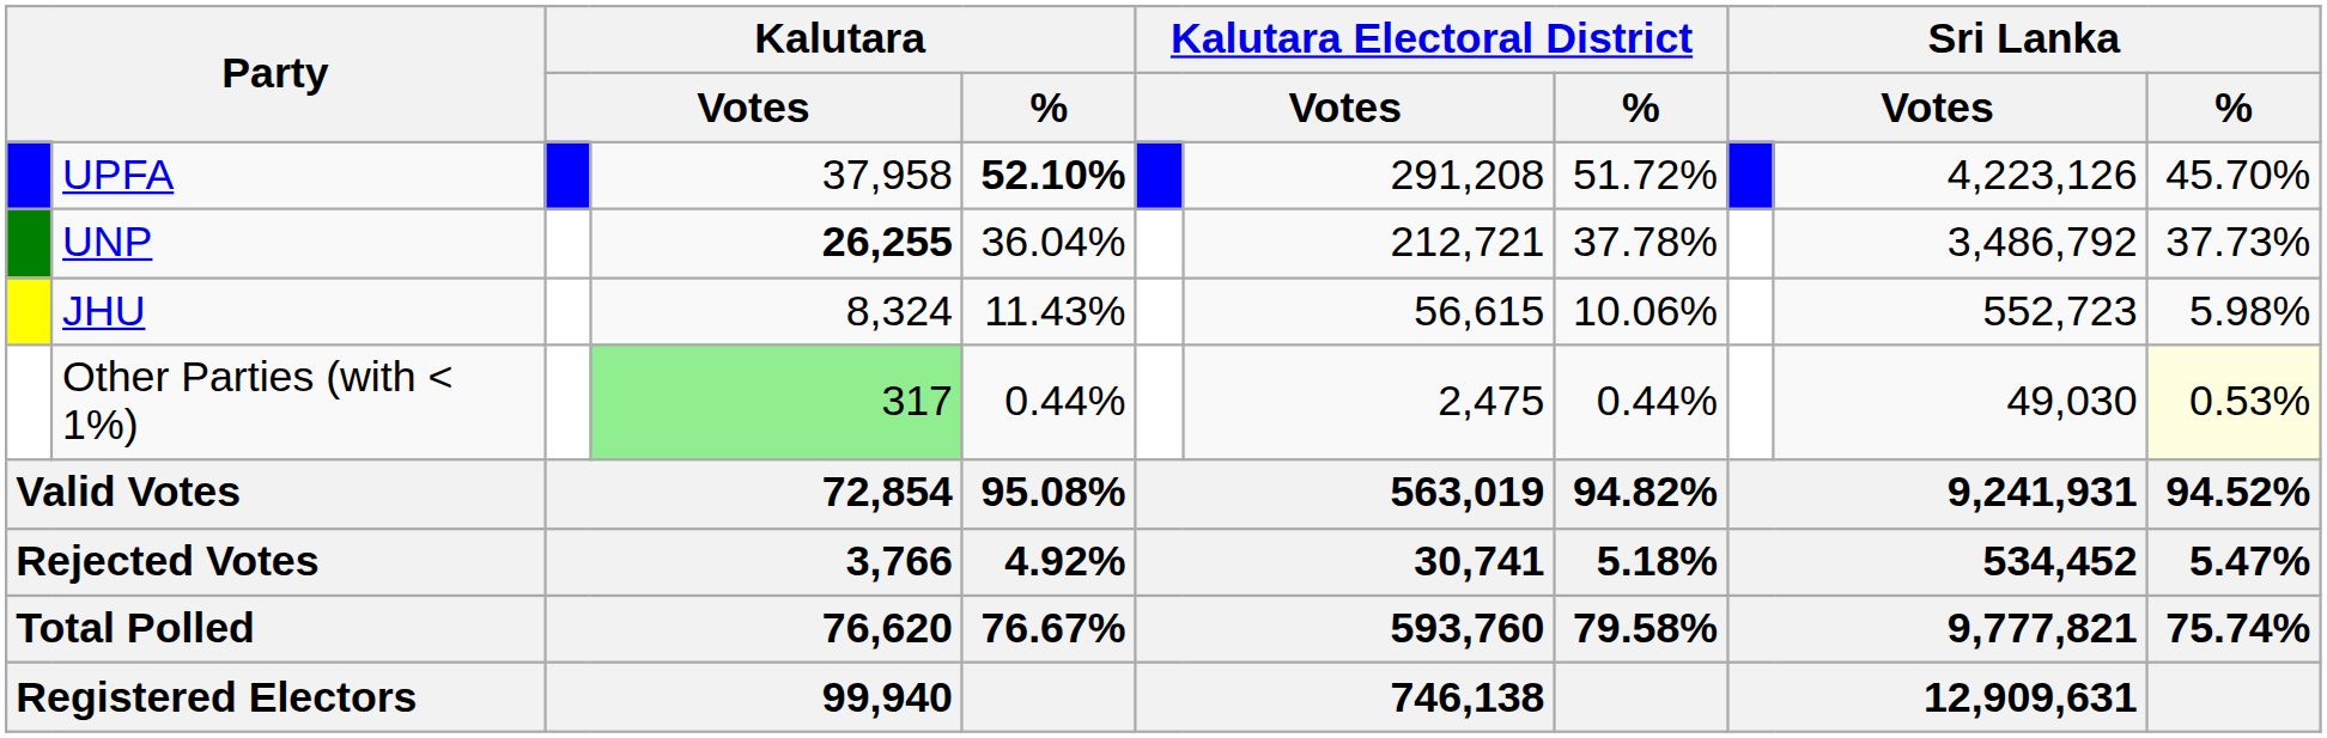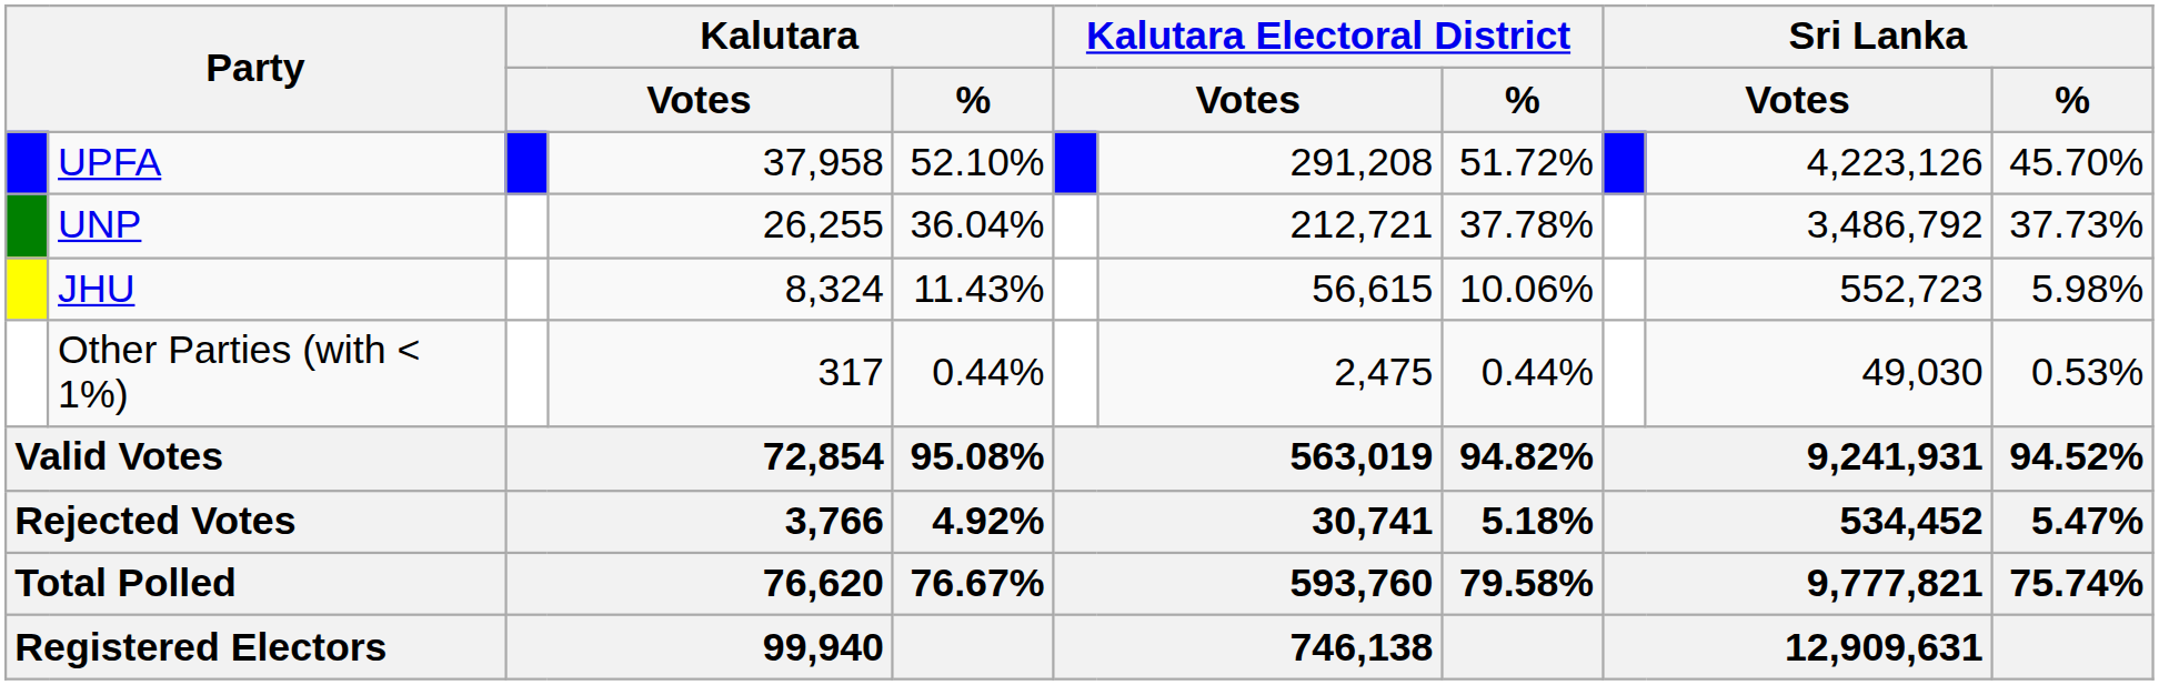 <table class="wikitable">
 <tr>
 <th colspan="2" width="144px"rowspan="2">Party</th>
 <th colspan="3" width="216px">Kalutara</th>
 <th colspan="3" width="216px"><a href='#'>Kalutara Electoral District</a></th>
 <th colspan="3" width="216px">Sri Lanka</th>
 </tr>
 <tr>
 <th colspan="2" width="144px">Votes</th>
 <th>%</th>
 <th colspan="2" width="144px">Votes</th>
 <th>%</th>
 <th colspan="2" width="144px">Votes</th>
 <th>%</th>
 </tr>
 <tr>
 <td style="background-color:blue;" width="10px"></td>
 <td style="text-align:left;"><a href='#'>UPFA</a></td>
 <td style="background-color:blue;" width="10px"></td>
 <td style="text-align:right;">37,958</td>
-<td style="text-align:right;"><strong>52.10%</strong></td>
+<td style="text-align:right;">52.10%</td>
 <td style="background-color:blue;" width="10px"></td>
 <td style="text-align:right;">291,208</td>
 <td style="text-align:right;">51.72%</td>
 <td style="background-color:blue;" width="10px"></td>
 <td style="text-align:right;">4,223,126</td>
 <td style="text-align:right;">45.70%</td>
 </tr>
 <tr>
 <td style="background-color:green;" width="10px"></td>
 <td style="text-align:left;"><a href='#'>UNP</a></td>
 <td style="background-color:white;" width="10px"></td>
-<td style="text-align:right;"><strong>26,255</strong></td>
+<td style="text-align:right;">26,255</td>
 <td style="text-align:right;">36.04%</td>
 <td style="background-color:white;" width="10px"></td>
 <td style="text-align:right;">212,721</td>
 <td style="text-align:right;">37.78%</td>
 <td style="background-color:white;" width="10px"></td>
 <td style="text-align:right;">3,486,792</td>
 <td style="text-align:right;">37.73%</td>
 </tr>
 <tr>
 <td style="background-color:yellow;" width="10px"></td>
 <td style="text-align:left;"><a href='#'>JHU</a></td>
 <td style="background-color:white;" width="10px"></td>
 <td style="text-align:right;">8,324</td>
 <td style="text-align:right;">11.43%</td>
 <td style="background-color:white;" width="10px"></td>
 <td style="text-align:right;">56,615</td>
 <td style="text-align:right;">10.06%</td>
 <td style="background-color:white;" width="10px"></td>
 <td style="text-align:right;">552,723</td>
 <td style="text-align:right;">5.98%</td>
 </tr>
 <tr>
 <td style="background-color:white;" width="10px"></td>
 <td style="text-align:left;">Other Parties (with < 1%)</td>
 <td style="background-color:white;" width="10px"></td>
-<td style="background: lightgreen; text-align:right;">317</td>
+<td style="text-align:right;">317</td>
 <td style="text-align:right;">0.44%</td>
 <td style="background-color:white;" width="10px"></td>
 <td style="text-align:right;">2,475</td>
 <td style="text-align:right;">0.44%</td>
 <td style="background-color:white;" width="10px"></td>
 <td style="text-align:right;">49,030</td>
-<td style="background: lightyellow; text-align:right;">0.53%</td>
+<td style="text-align:right;">0.53%</td>
 </tr>
 <tr>
 <th colspan="2" width="144px"style="text-align:left;">Valid Votes</th>
 <th style="text-align:right;"colspan="2" width="144px">72,854</th>
 <th style="text-align:right;">95.08%</th>
 <th style="text-align:right;"colspan="2" width="144px">563,019</th>
 <th style="text-align:right;">94.82%</th>
 <th style="text-align:right;"colspan="2" width="144px">9,241,931</th>
 <th style="text-align:right;">94.52%</th>
 </tr>
 <tr>
 <th colspan="2" width="144px"style="text-align:left;">Rejected Votes</th>
 <th style="text-align:right;"colspan="2" width="144px">3,766</th>
 <th style="text-align:right;">4.92%</th>
 <th style="text-align:right;"colspan="2" width="144px">30,741</th>
 <th style="text-align:right;">5.18%</th>
 <th style="text-align:right;"colspan="2" width="144px">534,452</th>
 <th style="text-align:right;">5.47%</th>
 </tr>
 <tr>
 <th colspan="2" width="144px"style="text-align:left;">Total Polled</th>
 <th style="text-align:right;"colspan="2" width="144px">76,620</th>
 <th style="text-align:right;">76.67%</th>
 <th style="text-align:right;"colspan="2" width="144px">593,760</th>
 <th style="text-align:right;">79.58%</th>
 <th style="text-align:right;"colspan="2" width="144px">9,777,821</th>
 <th style="text-align:right;">75.74%</th>
 </tr>
 <tr>
 <th colspan="2" width="144px"style="text-align:left;">Registered Electors</th>
 <th style="text-align:right;"colspan="2" width="144px">99,940</th>
 <th></th>
 <th style="text-align:right;"colspan="2" width="144px">746,138</th>
 <th></th>
 <th style="text-align:right;"colspan="2" width="144px">12,909,631</th>
 <th></th>
 </tr>
 </table>
